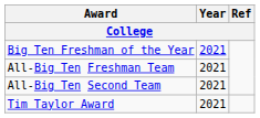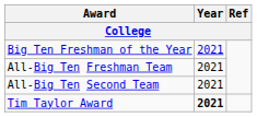 <table class="wikitable">
 <tr>
 <th>Award</th>
 <th>Year</th>
 <th>Ref</th>
 </tr>
 <tr>
 <th colspan="3"><a href='#'>College</a></th>
 </tr>
 <tr>
 <td><a href='#'>Big Ten Freshman of the Year</a></td>
 <td><a href='#'>2021</a></td>
 <td rowspan="3"></td>
 </tr>
 <tr>
 <td>All-<a href='#'>Big Ten</a> <a href='#'>Freshman Team</a></td>
 <td>2021</td>
 </tr>
 <tr>
 <td>All-<a href='#'>Big Ten</a> <a href='#'>Second Team</a></td>
 <td>2021</td>
 </tr>
 <tr>
 <td><a href='#'>Tim Taylor Award</a></td>
-<td>2021</td>
+<td><strong>2021</strong></td>
 <td></td>
 </tr>
 </table>
